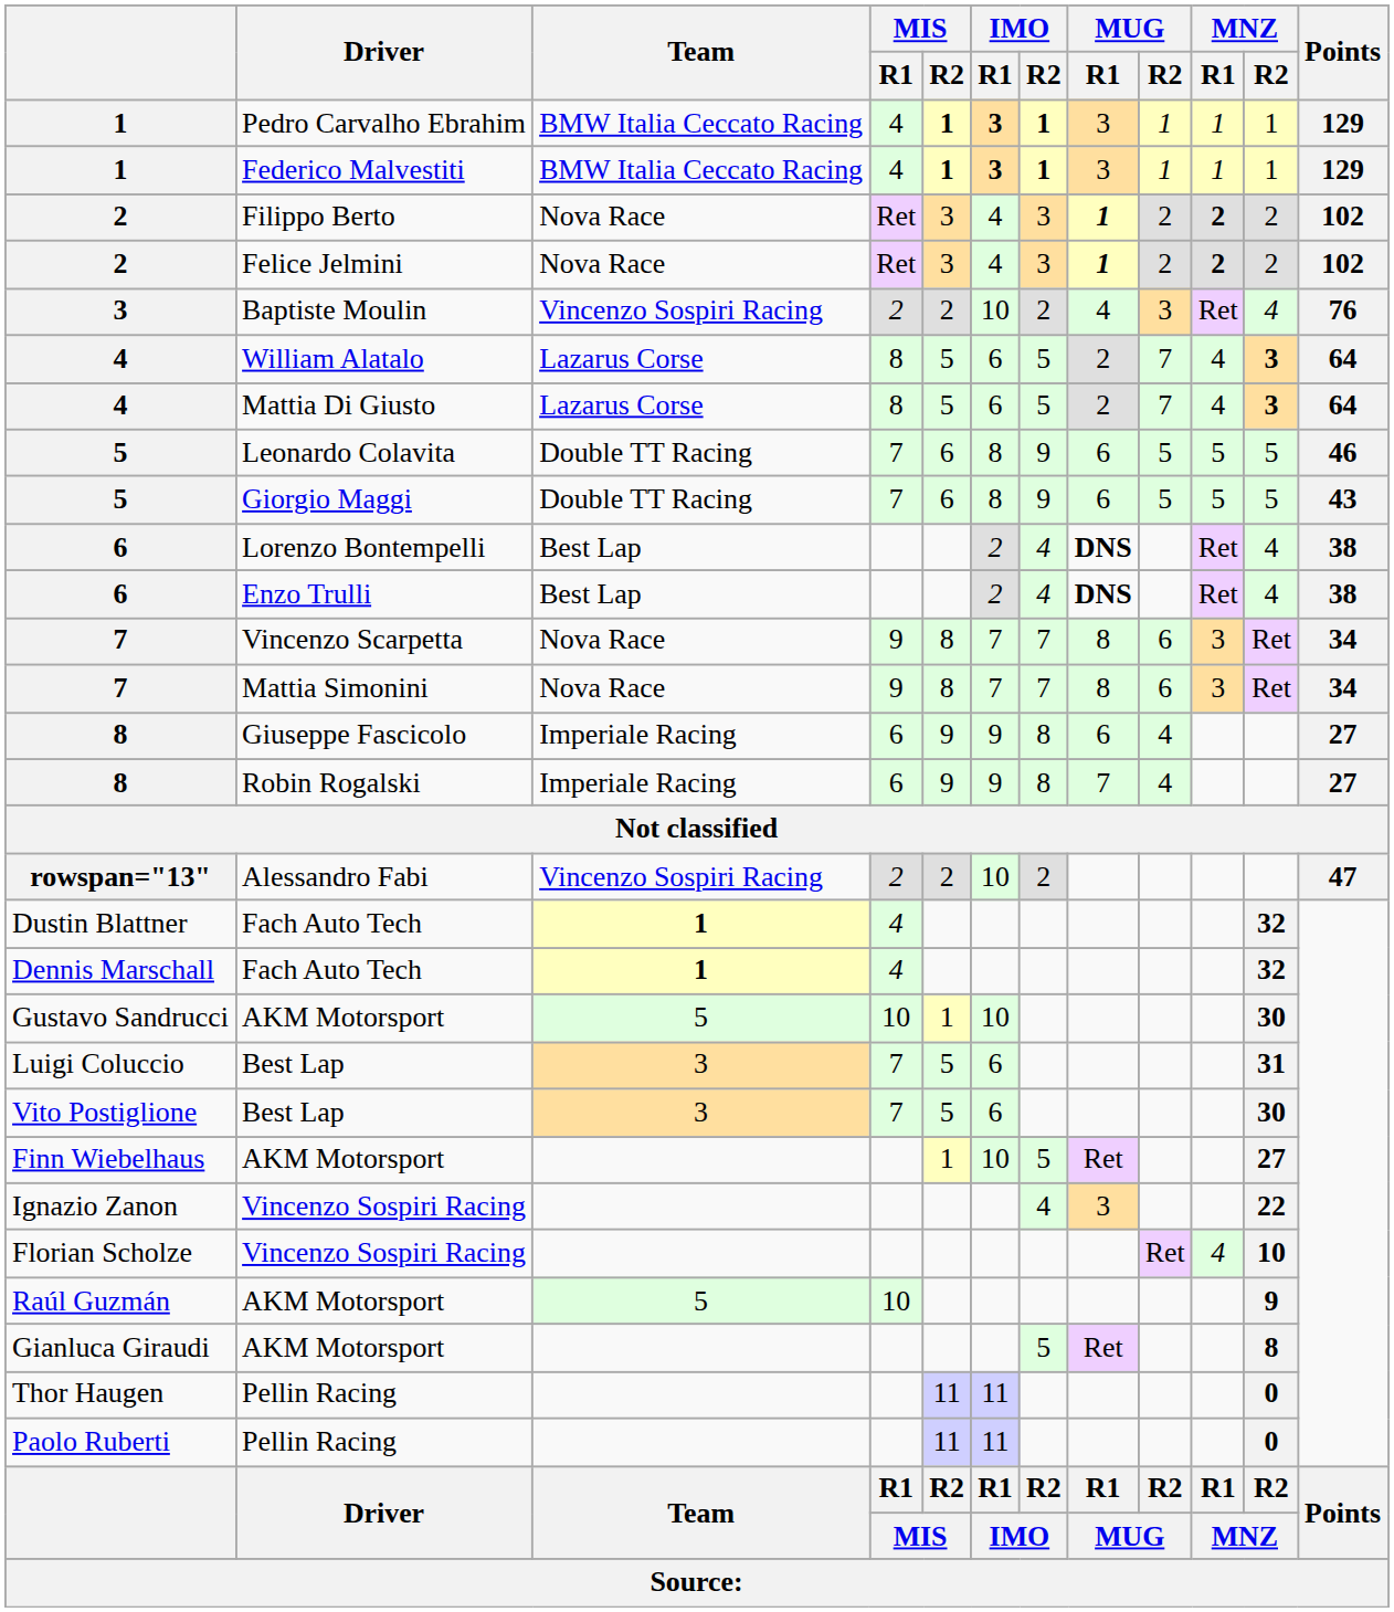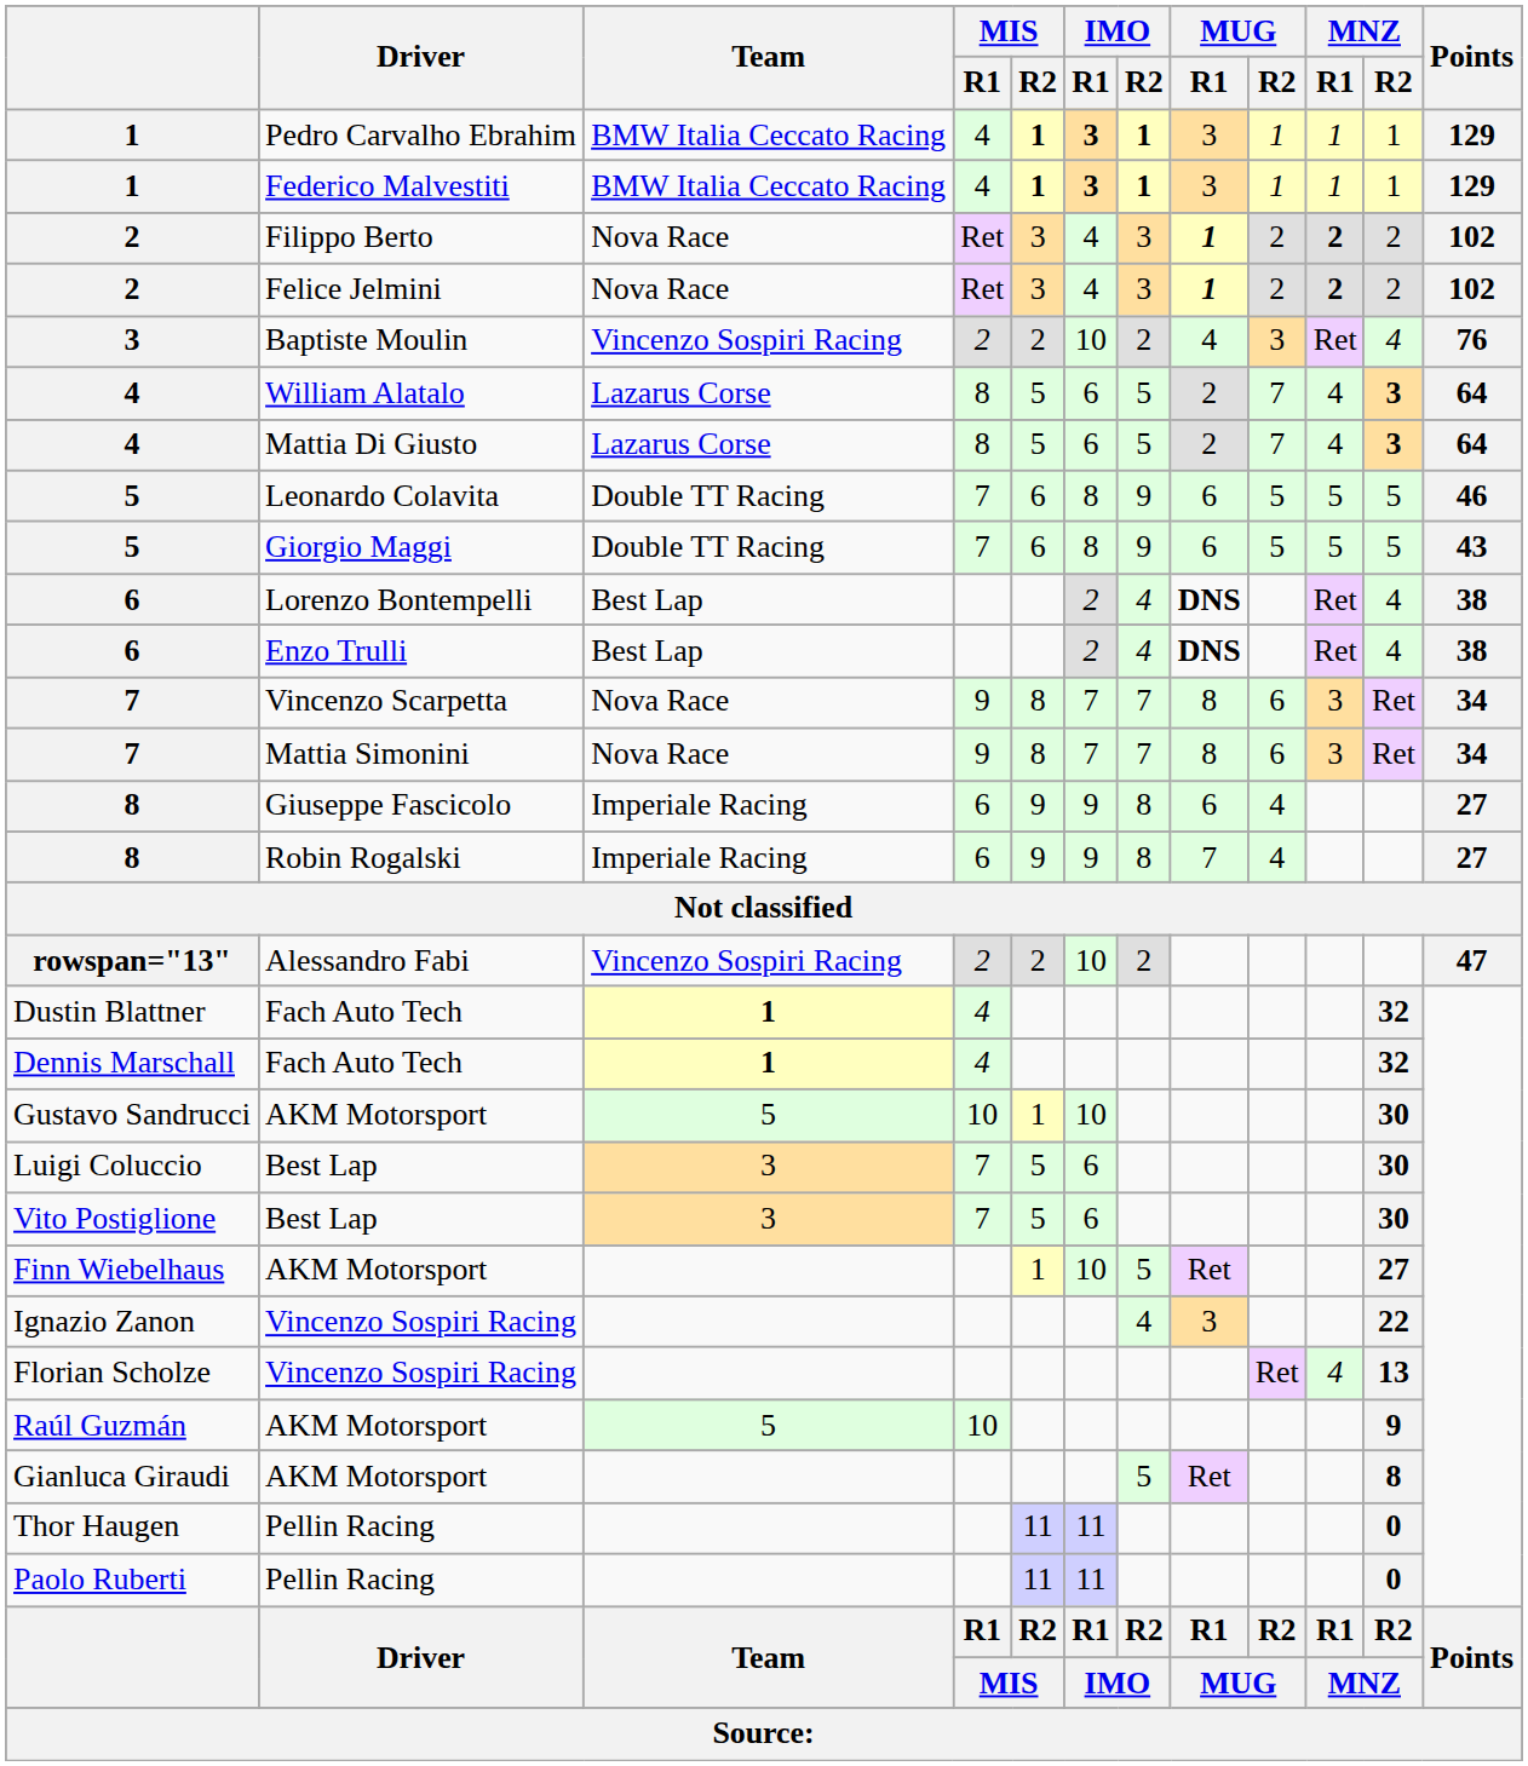 <table class="wikitable" style="font-size:85%; text-align:center;">
 <tr>
 <th rowspan="2"></th>
 <th rowspan="2">Driver</th>
 <th rowspan="2">Team</th>
 <th colspan="2"><a href='#'>MIS</a><br></th>
 <th colspan="2"><a href='#'>IMO</a><br></th>
 <th colspan="2"><a href='#'>MUG</a><br></th>
 <th colspan="2"><a href='#'>MNZ</a><br></th>
 <th rowspan="2">Points</th>
 </tr>
 <tr>
 <th>R1</th>
 <th>R2</th>
 <th>R1</th>
 <th>R2</th>
 <th>R1</th>
 <th>R2</th>
 <th>R1</th>
 <th>R2</th>
 </tr>
 <tr>
 <th>1</th>
 <td style="text-align:left"> Pedro Carvalho Ebrahim</td>
 <td style="text-align:left"> <a href='#'>BMW Italia Ceccato Racing</a></td>
 <td style="background:#DFFFDF">4</td>
 <td style="background:#FFFFBF"><strong>1</strong></td>
 <td style="background:#FFDF9F"><strong>3</strong></td>
 <td style="background:#FFFFBF"><strong>1</strong></td>
 <td style="background:#FFDF9F">3</td>
 <td style="background:#FFFFBF"><em>1</em></td>
 <td style="background:#FFFFBF"><em>1</em></td>
 <td style="background:#FFFFBF">1</td>
 <th>129</th>
 </tr>
 <tr>
 <th>1</th>
 <td style="text-align:left"> <a href='#'>Federico Malvestiti</a></td>
 <td style="text-align:left"> <a href='#'>BMW Italia Ceccato Racing</a></td>
 <td style="background:#DFFFDF">4</td>
 <td style="background:#FFFFBF"><strong>1</strong></td>
 <td style="background:#FFDF9F"><strong>3</strong></td>
 <td style="background:#FFFFBF"><strong>1</strong></td>
 <td style="background:#FFDF9F">3</td>
 <td style="background:#FFFFBF"><em>1</em></td>
 <td style="background:#FFFFBF"><em>1</em></td>
 <td style="background:#FFFFBF">1</td>
 <th>129</th>
 </tr>
 <tr>
 <th>2</th>
 <td style="text-align:left"> Filippo Berto</td>
 <td style="text-align:left"> Nova Race</td>
 <td style="background:#EFCFFF">Ret</td>
 <td style="background:#FFDF9F">3</td>
 <td style="background:#DFFFDF">4</td>
 <td style="background:#FFDF9F">3</td>
 <td style="background:#FFFFBF"><strong><em>1</em></strong></td>
 <td style="background:#DFDFDF">2</td>
 <td style="background:#DFDFDF"><strong>2</strong></td>
 <td style="background:#DFDFDF">2</td>
 <th>102</th>
 </tr>
 <tr>
 <th>2</th>
 <td style="text-align:left"> Felice Jelmini</td>
 <td style="text-align:left"> Nova Race</td>
 <td style="background:#EFCFFF">Ret</td>
 <td style="background:#FFDF9F">3</td>
 <td style="background:#DFFFDF">4</td>
 <td style="background:#FFDF9F">3</td>
 <td style="background:#FFFFBF"><strong><em>1</em></strong></td>
 <td style="background:#DFDFDF">2</td>
 <td style="background:#DFDFDF"><strong>2</strong></td>
 <td style="background:#DFDFDF">2</td>
 <th>102</th>
 </tr>
 <tr>
 <th>3</th>
 <td style="text-align:left"> Baptiste Moulin</td>
 <td style="text-align:left"> <a href='#'>Vincenzo Sospiri Racing</a></td>
 <td style="background:#DFDFDF"><em>2</em></td>
 <td style="background:#DFDFDF">2</td>
 <td style="background:#DFFFDF">10</td>
 <td style="background:#DFDFDF">2</td>
 <td style="background:#DFFFDF">4</td>
 <td style="background:#FFDF9F">3</td>
 <td style="background:#EFCFFF">Ret</td>
 <td style="background:#DFFFDF"><em>4</em></td>
 <th>76</th>
 </tr>
 <tr>
 <th>4</th>
 <td style="text-align:left"> <a href='#'>William Alatalo</a></td>
 <td style="text-align:left"> <a href='#'>Lazarus Corse</a></td>
 <td style="background:#DFFFDF">8</td>
 <td style="background:#DFFFDF">5</td>
 <td style="background:#DFFFDF">6</td>
 <td style="background:#DFFFDF">5</td>
 <td style="background:#DFDFDF">2</td>
 <td style="background:#DFFFDF">7</td>
 <td style="background:#DFFFDF">4</td>
 <td style="background:#FFDF9F"><strong>3</strong></td>
 <th>64</th>
 </tr>
 <tr>
 <th>4</th>
 <td style="text-align:left"> Mattia Di Giusto</td>
 <td style="text-align:left"> <a href='#'>Lazarus Corse</a></td>
 <td style="background:#DFFFDF">8</td>
 <td style="background:#DFFFDF">5</td>
 <td style="background:#DFFFDF">6</td>
 <td style="background:#DFFFDF">5</td>
 <td style="background:#DFDFDF">2</td>
 <td style="background:#DFFFDF">7</td>
 <td style="background:#DFFFDF">4</td>
 <td style="background:#FFDF9F"><strong>3</strong></td>
 <th>64</th>
 </tr>
 <tr>
 <th>5</th>
 <td style="text-align:left"> Leonardo Colavita</td>
 <td style="text-align:left"> Double TT Racing</td>
 <td style="background:#DFFFDF">7</td>
 <td style="background:#DFFFDF">6</td>
 <td style="background:#DFFFDF">8</td>
 <td style="background:#DFFFDF">9</td>
 <td style="background:#DFFFDF">6</td>
 <td style="background:#DFFFDF">5</td>
 <td style="background:#DFFFDF">5</td>
 <td style="background:#DFFFDF">5</td>
 <th>46</th>
 </tr>
 <tr>
 <th>5</th>
 <td style="text-align:left"> <a href='#'>Giorgio Maggi</a></td>
 <td style="text-align:left"> Double TT Racing</td>
 <td style="background:#DFFFDF">7</td>
 <td style="background:#DFFFDF">6</td>
 <td style="background:#DFFFDF">8</td>
 <td style="background:#DFFFDF">9</td>
 <td style="background:#DFFFDF">6</td>
 <td style="background:#DFFFDF">5</td>
 <td style="background:#DFFFDF">5</td>
 <td style="background:#DFFFDF">5</td>
 <th>43</th>
 </tr>
 <tr>
 <th>6</th>
 <td style="text-align:left"> Lorenzo Bontempelli</td>
 <td style="text-align:left"> Best Lap</td>
 <td style="background:#"></td>
 <td style="background:#"></td>
 <td style="background:#DFDFDF"><em>2</em></td>
 <td style="background:#DFFFDF"><em>4</em></td>
 <td style="background:#"><strong>DNS</strong></td>
 <td style="background:#"></td>
 <td style="background:#EFCFFF">Ret</td>
 <td style="background:#DFFFDF">4</td>
 <th>38</th>
 </tr>
 <tr>
 <th>6</th>
 <td style="text-align:left"> <a href='#'>Enzo Trulli</a></td>
 <td style="text-align:left"> Best Lap</td>
 <td style="background:#"></td>
 <td style="background:#"></td>
 <td style="background:#DFDFDF"><em>2</em></td>
 <td style="background:#DFFFDF"><em>4</em></td>
 <td style="background:#"><strong>DNS</strong></td>
 <td style="background:#"></td>
 <td style="background:#EFCFFF">Ret</td>
 <td style="background:#DFFFDF">4</td>
 <th>38</th>
 </tr>
 <tr>
 <th>7</th>
 <td style="text-align:left"> Vincenzo Scarpetta</td>
 <td style="text-align:left"> Nova Race</td>
 <td style="background:#DFFFDF">9</td>
 <td style="background:#DFFFDF">8</td>
 <td style="background:#DFFFDF">7</td>
 <td style="background:#DFFFDF">7</td>
 <td style="background:#DFFFDF">8</td>
 <td style="background:#DFFFDF">6</td>
 <td style="background:#FFDF9F">3</td>
 <td style="background:#EFCFFF">Ret</td>
 <th>34</th>
 </tr>
 <tr>
 <th>7</th>
 <td style="text-align:left"> Mattia Simonini</td>
 <td style="text-align:left"> Nova Race</td>
 <td style="background:#DFFFDF">9</td>
 <td style="background:#DFFFDF">8</td>
 <td style="background:#DFFFDF">7</td>
 <td style="background:#DFFFDF">7</td>
 <td style="background:#DFFFDF">8</td>
 <td style="background:#DFFFDF">6</td>
 <td style="background:#FFDF9F">3</td>
 <td style="background:#EFCFFF">Ret</td>
 <th>34</th>
 </tr>
 <tr>
 <th>8</th>
 <td style="text-align:left"> Giuseppe Fascicolo</td>
 <td style="text-align:left"> Imperiale Racing</td>
 <td style="background:#DFFFDF">6</td>
 <td style="background:#DFFFDF">9</td>
 <td style="background:#DFFFDF">9</td>
 <td style="background:#DFFFDF">8</td>
 <td style="background:#DFFFDF">6</td>
 <td style="background:#DFFFDF">4</td>
 <td style="background:#"></td>
 <td style="background:#"></td>
 <th>27</th>
 </tr>
 <tr>
 <th>8</th>
 <td style="text-align:left"> Robin Rogalski</td>
 <td style="text-align:left"> Imperiale Racing</td>
 <td style="background:#DFFFDF">6</td>
 <td style="background:#DFFFDF">9</td>
 <td style="background:#DFFFDF">9</td>
 <td style="background:#DFFFDF">8</td>
 <td style="background:#DFFFDF">7</td>
 <td style="background:#DFFFDF">4</td>
 <td style="background:#"></td>
 <td style="background:#"></td>
 <th>27</th>
 </tr>
 <tr>
 <th colspan="12">Not classified</th>
 </tr>
 <tr>
 <th>rowspan="13" </th>
 <td style="text-align:left"> Alessandro Fabi</td>
 <td style="text-align:left"> <a href='#'>Vincenzo Sospiri Racing</a></td>
 <td style="background:#DFDFDF"><em>2</em></td>
 <td style="background:#DFDFDF">2</td>
 <td style="background:#DFFFDF">10</td>
 <td style="background:#DFDFDF">2</td>
 <td style="background:#"></td>
 <td style="background:#"></td>
 <td style="background:#"></td>
 <td style="background:#"></td>
 <th>47</th>
 </tr>
 <tr>
 <td style="text-align:left"> Dustin Blattner</td>
 <td style="text-align:left"> Fach Auto Tech</td>
 <td style="background:#FFFFBF"><strong>1</strong></td>
 <td style="background:#DFFFDF"><em>4</em></td>
 <td style="background:#"></td>
 <td style="background:#"></td>
 <td style="background:#"></td>
 <td style="background:#"></td>
 <td style="background:#"></td>
 <td style="background:#"></td>
 <th>32</th>
 </tr>
 <tr>
 <td style="text-align:left"> <a href='#'>Dennis Marschall</a></td>
 <td style="text-align:left"> Fach Auto Tech</td>
 <td style="background:#FFFFBF"><strong>1</strong></td>
 <td style="background:#DFFFDF"><em>4</em></td>
 <td style="background:#"></td>
 <td style="background:#"></td>
 <td style="background:#"></td>
 <td style="background:#"></td>
 <td style="background:#"></td>
 <td style="background:#"></td>
 <th>32</th>
 </tr>
 <tr>
 <td style="text-align:left"> Gustavo Sandrucci</td>
 <td style="text-align:left"> AKM Motorsport</td>
 <td style="background:#DFFFDF">5</td>
 <td style="background:#DFFFDF">10</td>
 <td style="background:#FFFFBF">1</td>
 <td style="background:#DFFFDF">10</td>
 <td style="background:#"></td>
 <td style="background:#"></td>
 <td style="background:#"></td>
 <td style="background:#"></td>
 <th>30</th>
 </tr>
 <tr>
 <td style="text-align:left"> Luigi Coluccio</td>
 <td style="text-align:left"> Best Lap</td>
 <td style="background:#FFDF9F">3</td>
 <td style="background:#DFFFDF">7</td>
 <td style="background:#DFFFDF">5</td>
 <td style="background:#DFFFDF">6</td>
 <td style="background:#"></td>
 <td style="background:#"></td>
 <td style="background:#"></td>
 <td style="background:#"></td>
-<th>31</th>
+<th>30</th>
 </tr>
 <tr>
 <td style="text-align:left"> <a href='#'>Vito Postiglione</a></td>
 <td style="text-align:left"> Best Lap</td>
 <td style="background:#FFDF9F">3</td>
 <td style="background:#DFFFDF">7</td>
 <td style="background:#DFFFDF">5</td>
 <td style="background:#DFFFDF">6</td>
 <td style="background:#"></td>
 <td style="background:#"></td>
 <td style="background:#"></td>
 <td style="background:#"></td>
 <th>30</th>
 </tr>
 <tr>
 <td style="text-align:left"> <a href='#'>Finn Wiebelhaus</a></td>
 <td style="text-align:left"> AKM Motorsport</td>
 <td style="background:#"></td>
 <td style="background:#"></td>
 <td style="background:#FFFFBF">1</td>
 <td style="background:#DFFFDF">10</td>
 <td style="background:#DFFFDF">5</td>
 <td style="background:#EFCFFF">Ret</td>
 <td style="background:#"></td>
 <td style="background:#"></td>
 <th>27</th>
 </tr>
 <tr>
 <td style="text-align:left"> Ignazio Zanon</td>
 <td style="text-align:left"> <a href='#'>Vincenzo Sospiri Racing</a></td>
 <td style="background:#"></td>
 <td style="background:#"></td>
 <td style="background:#"></td>
 <td style="background:#"></td>
 <td style="background:#DFFFDF">4</td>
 <td style="background:#FFDF9F">3</td>
 <td style="background:#"></td>
 <td style="background:#"></td>
 <th>22</th>
 </tr>
 <tr>
 <td style="text-align:left"> Florian Scholze</td>
 <td style="text-align:left"> <a href='#'>Vincenzo Sospiri Racing</a></td>
 <td style="background:#"></td>
 <td style="background:#"></td>
 <td style="background:#"></td>
 <td style="background:#"></td>
 <td style="background:#"></td>
 <td style="background:#"></td>
 <td style="background:#EFCFFF">Ret</td>
 <td style="background:#DFFFDF"><em>4</em></td>
-<th>10</th>
+<th>13</th>
 </tr>
 <tr>
 <td style="text-align:left"> <a href='#'>Raúl Guzmán</a></td>
 <td style="text-align:left"> AKM Motorsport</td>
 <td style="background:#DFFFDF">5</td>
 <td style="background:#DFFFDF">10</td>
 <td style="background:#"></td>
 <td style="background:#"></td>
 <td style="background:#"></td>
 <td style="background:#"></td>
 <td style="background:#"></td>
 <td style="background:#"></td>
 <th>9</th>
 </tr>
 <tr>
 <td style="text-align:left"> Gianluca Giraudi</td>
 <td style="text-align:left"> AKM Motorsport</td>
 <td style="background:#"></td>
 <td style="background:#"></td>
 <td style="background:#"></td>
 <td style="background:#"></td>
 <td style="background:#DFFFDF">5</td>
 <td style="background:#EFCFFF">Ret</td>
 <td style="background:#"></td>
 <td style="background:#"></td>
 <th>8</th>
 </tr>
 <tr>
 <td style="text-align:left"> Thor Haugen</td>
 <td style="text-align:left"> Pellin Racing</td>
 <td style="background:#"></td>
 <td style="background:#"></td>
 <td style="background:#CFCFFF">11</td>
 <td style="background:#CFCFFF">11</td>
 <td style="background:#"></td>
 <td style="background:#"></td>
 <td style="background:#"></td>
 <td style="background:#"></td>
 <th>0</th>
 </tr>
 <tr>
 <td style="text-align:left"> <a href='#'>Paolo Ruberti</a></td>
 <td style="text-align:left"> Pellin Racing</td>
 <td style="background:#"></td>
 <td style="background:#"></td>
 <td style="background:#CFCFFF">11</td>
 <td style="background:#CFCFFF">11</td>
 <td style="background:#"></td>
 <td style="background:#"></td>
 <td style="background:#"></td>
 <td style="background:#"></td>
 <th>0</th>
 </tr>
 <tr>
 <th rowspan="2"></th>
 <th rowspan="2">Driver</th>
 <th rowspan="2">Team</th>
 <th>R1</th>
 <th>R2</th>
 <th>R1</th>
 <th>R2</th>
 <th>R1</th>
 <th>R2</th>
 <th>R1</th>
 <th>R2</th>
 <th rowspan="2">Points</th>
 </tr>
 <tr>
 <th colspan="2"><a href='#'>MIS</a><br></th>
 <th colspan="2"><a href='#'>IMO</a><br></th>
 <th colspan="2"><a href='#'>MUG</a><br></th>
 <th colspan="2"><a href='#'>MNZ</a><br></th>
 </tr>
 <tr>
 <th colspan="12">Source:</th>
 </tr>
 </table>
